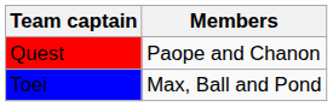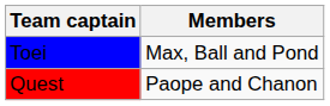 <table class="wikitable">
 <tr>
 <th>Team captain</th>
 <th>Members</th>
 </tr>
 <tr>
+<td style="background:#0000FF"><span>Toei</span></td>
+<td>Max, Ball and Pond</td>
+</tr>
+<tr>
 <td style="background:red"><span>Quest</span></td>
 <td>Paope and Chanon</td>
 </tr>
-<tr>
-<td style="background:#0000FF"><span>Toei</span></td>
-<td>Max, Ball and Pond</td>
-</tr>
 </table>
